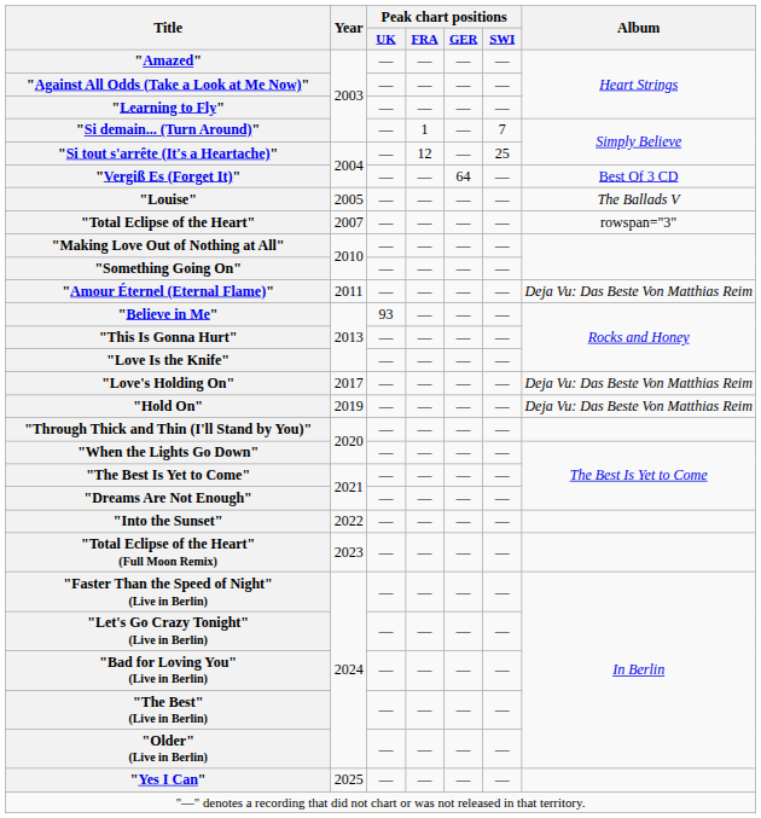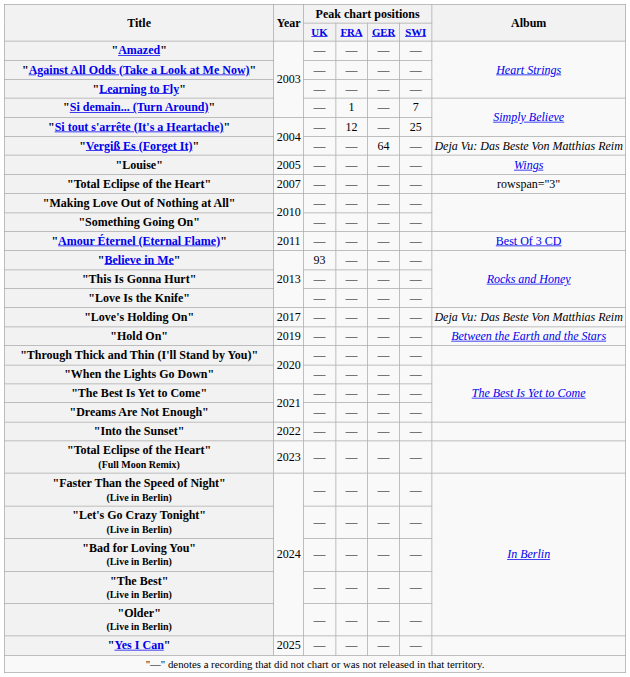 <table class="wikitable plainrowheaders" style="text-align:center;">
 <tr>
 <th scope="col" rowspan="2" style="width:22em;">Title</th>
 <th scope="col" rowspan="2">Year</th>
 <th scope="col" colspan="4">Peak chart positions</th>
 <th scope="col" rowspan="2">Album</th>
 </tr>
 <tr>
 <th scope="col" style="width:2.5em;font-size:90%;"><a href='#'>UK</a><br></th>
 <th scope="col" style="width:2.5em;font-size:90%;"><a href='#'>FRA</a><br></th>
 <th scope="col" style="width:2.5em;font-size:90%;"><a href='#'>GER</a><br></th>
 <th scope="col" style="width:2.5em;font-size:90%;"><a href='#'>SWI</a><br></th>
 </tr>
 <tr>
 <th scope="row">"<a href='#'>Amazed</a>"</th>
 <td rowspan="4">2003</td>
 <td>—</td>
 <td>—</td>
 <td>—</td>
 <td>—</td>
 <td rowspan="3"><em><a href='#'>Heart Strings</a></em></td>
 </tr>
 <tr>
 <th scope="row">"<a href='#'>Against All Odds (Take a Look at Me Now)</a>"</th>
 <td>—</td>
 <td>—</td>
 <td>—</td>
 <td>—</td>
 </tr>
 <tr>
 <th scope="row">"<a href='#'>Learning to Fly</a>"</th>
 <td>—</td>
 <td>—</td>
 <td>—</td>
 <td>—</td>
 </tr>
 <tr>
 <th scope="row">"<a href='#'>Si demain... (Turn Around)</a>"</th>
 <td>—</td>
 <td>1</td>
 <td>—</td>
 <td>7</td>
 <td rowspan="2"><em><a href='#'>Simply Believe</a></em></td>
 </tr>
 <tr>
 <th scope="row">"<a href='#'>Si tout s'arrête (It's a Heartache)</a>"</th>
 <td rowspan="2">2004</td>
 <td>—</td>
 <td>12</td>
 <td>—</td>
 <td>25</td>
 </tr>
 <tr>
 <th scope="row">"<a href='#'>Vergiß Es (Forget It)</a>"</th>
 <td>—</td>
 <td>—</td>
 <td>64</td>
 <td>—</td>
-<td><a href='#'>Best Of 3 CD</a></td>
+<td><em>Deja Vu: Das Beste Von Matthias Reim</em></td>
 </tr>
 <tr>
 <th scope="row">"Louise"</th>
 <td>2005</td>
 <td>—</td>
 <td>—</td>
 <td>—</td>
 <td>—</td>
-<td><em>The Ballads V</em></td>
+<td><em><a href='#'>Wings</a></em></td>
 </tr>
 <tr>
 <th scope="row">"Total Eclipse of the Heart"<br></th>
 <td>2007</td>
 <td>—</td>
 <td>—</td>
 <td>—</td>
 <td>—</td>
 <td>rowspan="3" </td>
 </tr>
 <tr>
 <th scope="row">"Making Love Out of Nothing at All"<br></th>
 <td rowspan="2">2010</td>
 <td>—</td>
 <td>—</td>
 <td>—</td>
 <td>—</td>
 </tr>
 <tr>
 <th scope="row">"Something Going On"<br></th>
 <td>—</td>
 <td>—</td>
 <td>—</td>
 <td>—</td>
 </tr>
 <tr>
 <th scope="row">"<a href='#'>Amour Éternel (Eternal Flame)</a>"<br></th>
 <td>2011</td>
 <td>—</td>
 <td>—</td>
 <td>—</td>
 <td>—</td>
-<td><em>Deja Vu: Das Beste Von Matthias Reim</em></td>
+<td><a href='#'>Best Of 3 CD</a></td>
 </tr>
 <tr>
 <th scope="row">"<a href='#'>Believe in Me</a>"</th>
 <td rowspan="3">2013</td>
 <td>93</td>
 <td>—</td>
 <td>—</td>
 <td>—</td>
 <td rowspan="3"><em><a href='#'>Rocks and Honey</a></em></td>
 </tr>
 <tr>
 <th scope="row">"This Is Gonna Hurt"</th>
 <td>—</td>
 <td>—</td>
 <td>—</td>
 <td>—</td>
 </tr>
 <tr>
 <th scope="row">"Love Is the Knife"</th>
 <td>—</td>
 <td>—</td>
 <td>—</td>
 <td>—</td>
 </tr>
 <tr>
 <th scope="row">"Love's Holding On"<br></th>
 <td>2017</td>
 <td>—</td>
 <td>—</td>
 <td>—</td>
 <td>—</td>
 <td><em>Deja Vu: Das Beste Von Matthias Reim</em></td>
 </tr>
 <tr>
 <th scope="row">"Hold On"</th>
 <td>2019</td>
 <td>—</td>
 <td>—</td>
 <td>—</td>
 <td>—</td>
-<td><em>Deja Vu: Das Beste Von Matthias Reim</em></td>
+<td><em><a href='#'>Between the Earth and the Stars</a></em></td>
 </tr>
 <tr>
 <th scope="row">"Through Thick and Thin (I'll Stand by You)"<br></th>
 <td rowspan="2">2020</td>
 <td>—</td>
 <td>—</td>
 <td>—</td>
 <td>—</td>
 <td></td>
 </tr>
 <tr>
 <th scope="row">"When the Lights Go Down"</th>
 <td>—</td>
 <td>—</td>
 <td>—</td>
 <td>—</td>
 <td rowspan="3"><em><a href='#'>The Best Is Yet to Come</a></em></td>
 </tr>
 <tr>
 <th scope="row">"The Best Is Yet to Come"</th>
 <td rowspan="2">2021</td>
 <td>—</td>
 <td>—</td>
 <td>—</td>
 <td>—</td>
 </tr>
 <tr>
 <th scope="row">"Dreams Are Not Enough"</th>
 <td>—</td>
 <td>—</td>
 <td>—</td>
 <td>—</td>
 </tr>
 <tr>
 <th scope="row">"Into the Sunset"<br></th>
 <td>2022</td>
 <td>—</td>
 <td>—</td>
 <td>—</td>
 <td>—</td>
 <td></td>
 </tr>
 <tr>
 <th scope="row">"Total Eclipse of the Heart" <br><small>(Full Moon Remix)</small></th>
 <td>2023</td>
 <td>—</td>
 <td>—</td>
 <td>—</td>
 <td>—</td>
 <td></td>
 </tr>
 <tr>
 <th scope="row">"Faster Than the Speed of Night" <br><small>(Live in Berlin)</small></th>
 <td rowspan="5">2024</td>
 <td>—</td>
 <td>—</td>
 <td>—</td>
 <td>—</td>
 <td rowspan="5"><em><a href='#'>In Berlin</a></em></td>
 </tr>
 <tr>
 <th scope="row">"Let's Go Crazy Tonight" <br><small>(Live in Berlin)</small></th>
 <td>—</td>
 <td>—</td>
 <td>—</td>
 <td>—</td>
 </tr>
 <tr>
 <th scope="row">"Bad for Loving You" <br><small>(Live in Berlin)</small></th>
 <td>—</td>
 <td>—</td>
 <td>—</td>
 <td>—</td>
 </tr>
 <tr>
 <th scope="row">"The Best" <br><small>(Live in Berlin)</small></th>
 <td>—</td>
 <td>—</td>
 <td>—</td>
 <td>—</td>
 </tr>
 <tr>
 <th scope="row">"Older" <br><small>(Live in Berlin)</small></th>
 <td>—</td>
 <td>—</td>
 <td>—</td>
 <td>—</td>
 </tr>
 <tr>
 <th scope="row">"<a href='#'>Yes I Can</a>"</th>
 <td>2025</td>
 <td>—</td>
 <td>—</td>
 <td>—</td>
 <td>—</td>
 <td></td>
 </tr>
 <tr>
 <td colspan="15" style="font-size:90%">"—" denotes a recording that did not chart or was not released in that territory.</td>
 </tr>
 </table>
